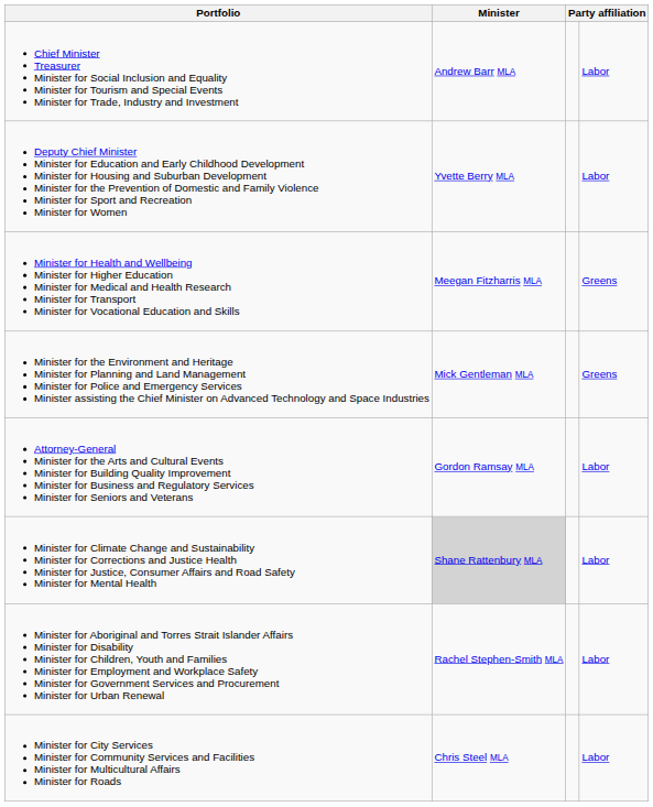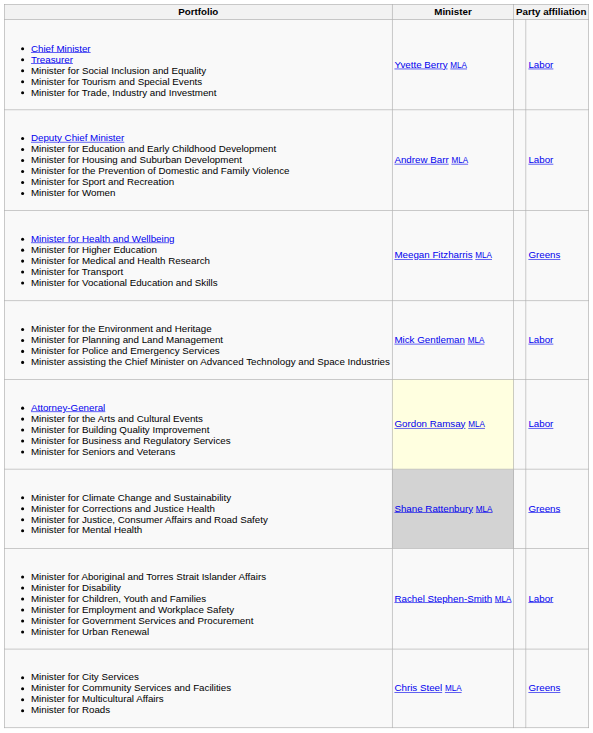 <table class="wikitable">
 <tr>
 <th>Portfolio</th>
 <th>Minister</th>
 <th colspan=2>Party affiliation</th>
 </tr>
 <tr>
 <td><br><ul><li><a href='#'>Chief Minister</a></li><li><a href='#'>Treasurer</a></li><li>Minister for Social Inclusion and Equality</li><li>Minister for Tourism and Special Events</li><li>Minister for Trade, Industry and Investment</li></ul></td>
-<td><a href='#'>Andrew Barr</a> <small><a href='#'>MLA</a></small></td>
+<td><a href='#'>Yvette Berry</a> <small><a href='#'>MLA</a></small></td>
 <td> </td>
 <td><a href='#'>Labor</a></td>
 </tr>
 <tr>
 <td><br><ul><li><a href='#'>Deputy Chief Minister</a></li><li>Minister for Education and Early Childhood Development</li><li>Minister for Housing and Suburban Development</li><li>Minister for the Prevention of Domestic and Family Violence</li><li>Minister for Sport and Recreation</li><li>Minister for Women</li></ul></td>
-<td><a href='#'>Yvette Berry</a> <small><a href='#'>MLA</a></small></td>
+<td><a href='#'>Andrew Barr</a> <small><a href='#'>MLA</a></small></td>
 <td> </td>
 <td><a href='#'>Labor</a></td>
 </tr>
 <tr>
 <td><br><ul><li><a href='#'>Minister for Health and Wellbeing</a></li><li>Minister for Higher Education</li><li>Minister for Medical and Health Research</li><li>Minister for Transport</li><li>Minister for Vocational Education and Skills</li></ul></td>
 <td><a href='#'>Meegan Fitzharris</a> <small><a href='#'>MLA</a></small></td>
 <td> </td>
 <td><a href='#'>Greens</a></td>
 </tr>
 <tr>
 <td><br><ul><li>Minister for the Environment and Heritage</li><li>Minister for Planning and Land Management</li><li>Minister for Police and Emergency Services</li><li>Minister assisting the Chief Minister on Advanced Technology and Space Industries</li></ul></td>
 <td><a href='#'>Mick Gentleman</a> <small><a href='#'>MLA</a></small></td>
 <td> </td>
-<td><a href='#'>Greens</a></td>
+<td><a href='#'>Labor</a></td>
 </tr>
 <tr>
 <td><br><ul><li><a href='#'>Attorney-General</a></li><li>Minister for the Arts and Cultural Events</li><li>Minister for Building Quality Improvement</li><li>Minister for Business and Regulatory Services</li><li>Minister for Seniors and Veterans</li></ul></td>
-<td><a href='#'>Gordon Ramsay</a> <small><a href='#'>MLA</a></small></td>
+<td style="background: lightyellow;"><a href='#'>Gordon Ramsay</a> <small><a href='#'>MLA</a></small></td>
 <td> </td>
 <td><a href='#'>Labor</a></td>
 </tr>
 <tr>
 <td><br><ul><li>Minister for Climate Change and Sustainability</li><li>Minister for Corrections and Justice Health</li><li>Minister for Justice, Consumer Affairs and Road Safety</li><li>Minister for Mental Health</li></ul></td>
 <td style="background: lightgrey;"><a href='#'>Shane Rattenbury</a> <small><a href='#'>MLA</a></small></td>
 <td> </td>
-<td><a href='#'>Labor</a></td>
+<td><a href='#'>Greens</a></td>
 </tr>
 <tr>
 <td><br><ul><li>Minister for Aboriginal and Torres Strait Islander Affairs</li><li>Minister for Disability</li><li>Minister for Children, Youth and Families</li><li>Minister for Employment and Workplace Safety</li><li>Minister for Government Services and Procurement</li><li>Minister for Urban Renewal</li></ul></td>
 <td><a href='#'>Rachel Stephen-Smith</a> <small><a href='#'>MLA</a></small></td>
 <td> </td>
 <td><a href='#'>Labor</a></td>
 </tr>
 <tr>
 <td><br><ul><li>Minister for City Services</li><li>Minister for Community Services and Facilities</li><li>Minister for Multicultural Affairs</li><li>Minister for Roads</li></ul></td>
 <td><a href='#'>Chris Steel</a> <small><a href='#'>MLA</a></small></td>
 <td> </td>
-<td><a href='#'>Labor</a></td>
+<td><a href='#'>Greens</a></td>
 </tr>
 </table>
